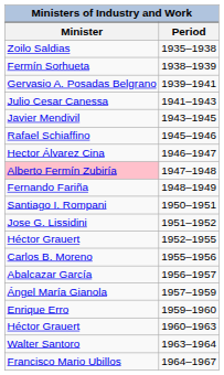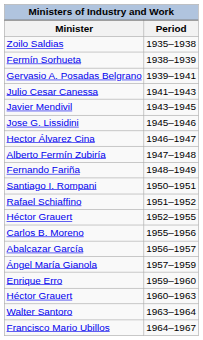 <table class="wikitable">
 <tr>
 <td style="text-align:center; border-bottom:2px solid gray;" bgcolor="lightsteelblue" colspan="2"><strong>Ministers of Industry and Work</strong></td>
 </tr>
 <tr style="background:#efefef;">
 <th><strong>Minister</strong></th>
 <th><strong>Period</strong></th>
 </tr>
 <tr>
 <td><a href='#'>Zoilo Saldias</a></td>
 <td>1935–1938</td>
 </tr>
 <tr>
 <td><a href='#'>Fermín Sorhueta</a></td>
 <td>1938–1939</td>
 </tr>
 <tr>
 <td><a href='#'>Gervasio A. Posadas Belgrano</a></td>
 <td>1939–1941</td>
 </tr>
 <tr>
 <td><a href='#'>Julio Cesar Canessa</a></td>
 <td>1941–1943</td>
 </tr>
 <tr>
 <td><a href='#'>Javier Mendivil</a></td>
 <td>1943–1945</td>
 </tr>
 <tr>
-<td><a href='#'>Rafael Schiaffino</a></td>
+<td><a href='#'>Jose G. Lissidini</a></td>
 <td>1945–1946</td>
 </tr>
 <tr>
 <td><a href='#'>Hector Álvarez Cina</a></td>
 <td>1946–1947</td>
 </tr>
 <tr>
-<td style="background: pink;"><a href='#'>Alberto Fermín Zubiría</a></td>
+<td><a href='#'>Alberto Fermín Zubiría</a></td>
 <td>1947–1948</td>
 </tr>
 <tr>
 <td><a href='#'>Fernando Fariña</a></td>
 <td>1948–1949</td>
 </tr>
 <tr>
 <td><a href='#'>Santiago I. Rompani</a></td>
 <td>1950–1951</td>
 </tr>
 <tr>
-<td><a href='#'>Jose G. Lissidini</a></td>
+<td><a href='#'>Rafael Schiaffino</a></td>
 <td>1951–1952</td>
 </tr>
 <tr>
 <td><a href='#'>Héctor Grauert</a></td>
 <td>1952–1955</td>
 </tr>
 <tr>
 <td><a href='#'>Carlos B. Moreno</a></td>
 <td>1955–1956</td>
 </tr>
 <tr>
 <td><a href='#'>Abalcazar García</a></td>
 <td>1956–1957</td>
 </tr>
 <tr>
 <td><a href='#'>Ángel María Gianola</a></td>
 <td>1957–1959</td>
 </tr>
 <tr>
 <td><a href='#'>Enrique Erro</a></td>
 <td>1959–1960</td>
 </tr>
 <tr>
 <td><a href='#'>Héctor Grauert</a></td>
 <td>1960–1963</td>
 </tr>
 <tr>
 <td><a href='#'>Walter Santoro</a></td>
 <td>1963–1964</td>
 </tr>
 <tr>
 <td><a href='#'>Francisco Mario Ubillos</a></td>
 <td>1964–1967</td>
 </tr>
 </table>
